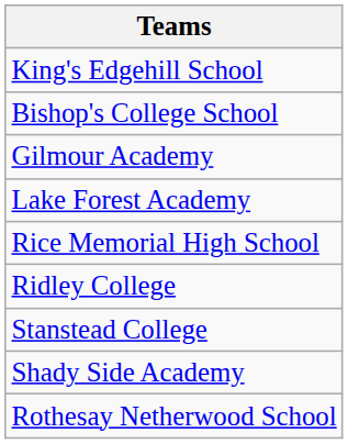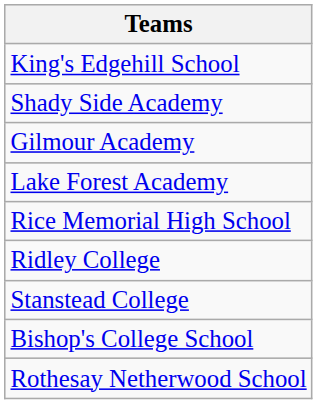 <table class="wikitable">
 <tr>
 <th>Teams</th>
 </tr>
 <tr>
 <td><a href='#'>King's Edgehill School</a></td>
 </tr>
 <tr>
-<td><a href='#'>Bishop's College School</a></td>
+<td><a href='#'>Shady Side Academy</a></td>
 </tr>
 <tr>
 <td><a href='#'>Gilmour Academy</a></td>
 </tr>
 <tr>
 <td><a href='#'>Lake Forest Academy</a></td>
 </tr>
 <tr>
 <td><a href='#'>Rice Memorial High School</a></td>
 </tr>
 <tr>
 <td><a href='#'>Ridley College</a></td>
 </tr>
 <tr>
 <td><a href='#'>Stanstead College</a></td>
 </tr>
 <tr>
-<td><a href='#'>Shady Side Academy</a></td>
+<td><a href='#'>Bishop's College School</a></td>
 </tr>
 <tr>
 <td><a href='#'>Rothesay Netherwood School</a></td>
 </tr>
 </table>
